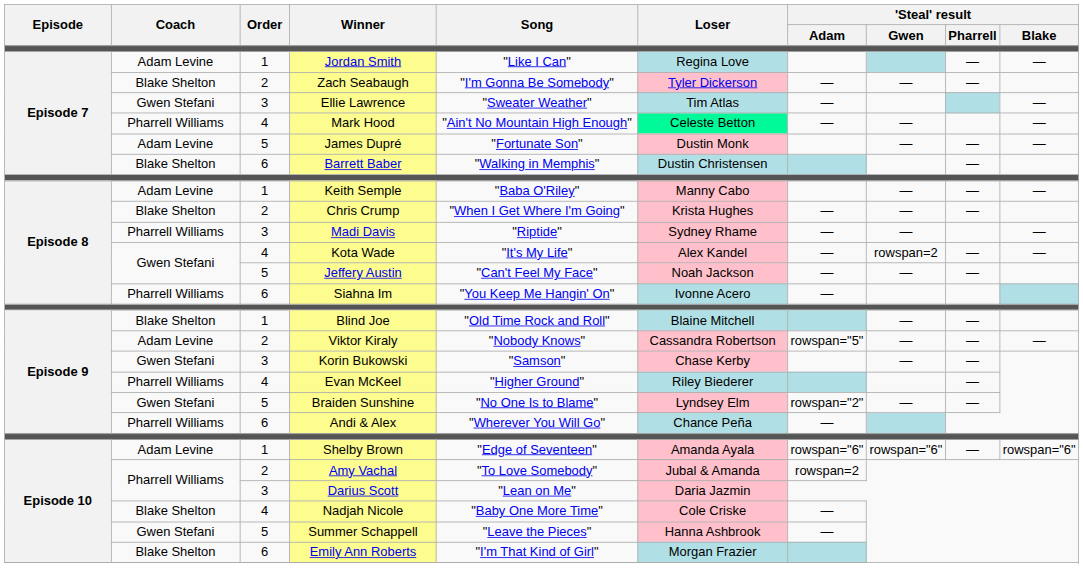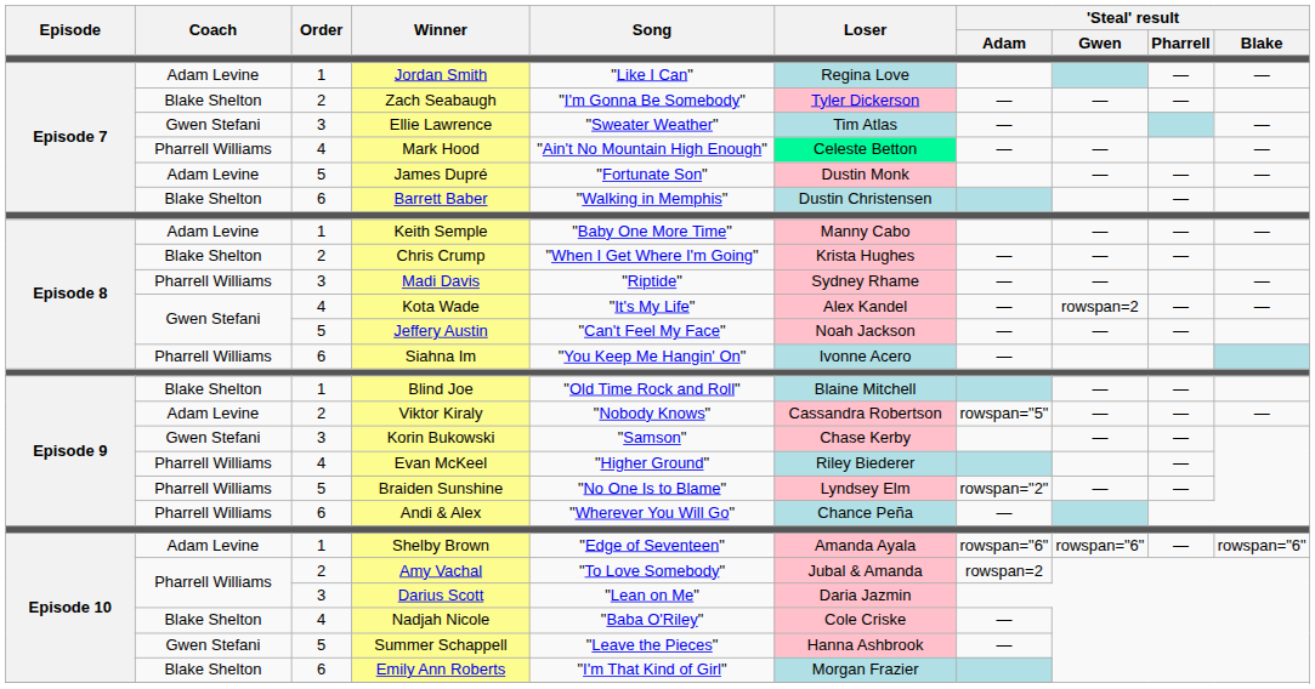 <table class="wikitable" style="text-align: center; width:105%;">
 <tr>
 <th rowspan="2" style="width:12%;">Episode</th>
 <th rowspan="2" style="width:15%;">Coach</th>
 <th rowspan="2" style="width:05%;">Order</th>
 <th rowspan="2" style="width:17%;">Winner</th>
 <th rowspan="2" style="width:24%;">Song</th>
 <th rowspan="2" style="width:17%;">Loser</th>
 <th colspan="4" style="width:20%;">'Steal' result</th>
 </tr>
 <tr>
 <th style="width:05%;">Adam</th>
 <th style="width:05%;">Gwen</th>
 <th style="width:05%;">Pharrell</th>
 <th style="width:05%;">Blake</th>
 </tr>
 <tr>
 <td colspan="10" style="background:#555;"></td>
 </tr>
 <tr>
 <th rowspan="6">Episode 7<br><small></small></th>
 <td>Adam Levine</td>
 <td>1</td>
 <td style="background:#fdfc8f;"><a href='#'>Jordan Smith</a></td>
 <td>"<a href='#'>Like I Can</a>"</td>
 <td style="background:#B0E0E6;">Regina Love</td>
 <td></td>
 <td style="background:#B0E0E6;"><strong></strong></td>
 <td>—</td>
 <td>—</td>
 </tr>
 <tr>
 <td>Blake Shelton</td>
 <td>2</td>
 <td style="background:#fdfc8f;">Zach Seabaugh</td>
 <td>"<a href='#'>I'm Gonna Be Somebody</a>"</td>
 <td style="background:pink;"><a href='#'>Tyler Dickerson</a></td>
 <td>—</td>
 <td>—</td>
 <td>—</td>
 <td></td>
 </tr>
 <tr>
 <td>Gwen Stefani</td>
 <td>3</td>
 <td style="background:#fdfc8f;">Ellie Lawrence</td>
 <td>"<a href='#'>Sweater Weather</a>"</td>
 <td style="background:#B0E0E6;">Tim Atlas</td>
 <td>—</td>
 <td></td>
 <td style="background:#B0E0E6;"><strong></strong></td>
 <td>—</td>
 </tr>
 <tr>
 <td>Pharrell Williams</td>
 <td>4</td>
 <td style="background:#fdfc8f;">Mark Hood</td>
 <td>"<a href='#'>Ain't No Mountain High Enough</a>"</td>
 <td style="background:#00fa9a;">Celeste Betton</td>
 <td>—</td>
 <td>—</td>
 <td></td>
 <td>—</td>
 </tr>
 <tr>
 <td>Adam Levine</td>
 <td>5</td>
 <td style="background:#fdfc8f;">James Dupré</td>
 <td>"<a href='#'>Fortunate Son</a>"</td>
 <td style="background:pink;">Dustin Monk</td>
 <td></td>
 <td>—</td>
 <td>—</td>
 <td>—</td>
 </tr>
 <tr>
 <td>Blake Shelton</td>
 <td>6</td>
 <td style="background:#fdfc8f;"><a href='#'>Barrett Baber</a></td>
 <td>"<a href='#'>Walking in Memphis</a>"</td>
 <td style="background:#B0E0E6;">Dustin Christensen</td>
 <td style="background:#B0E0E6;"><strong></strong></td>
 <td><strong></strong></td>
 <td>—</td>
 <td></td>
 </tr>
 <tr>
 <td colspan="10" style="background:#555;"></td>
 </tr>
 <tr>
 <th rowspan="6">Episode 8<br><small></small></th>
 <td>Adam Levine</td>
 <td>1</td>
 <td style="background:#fdfc8f;">Keith Semple</td>
-<td>"<a href='#'>Baba O'Riley</a>"</td>
+<td>"<a href='#'>Baby One More Time</a>"</td>
 <td style="background:pink;">Manny Cabo</td>
 <td></td>
 <td>—</td>
 <td>—</td>
 <td>—</td>
 </tr>
 <tr>
 <td>Blake Shelton</td>
 <td>2</td>
 <td style="background:#fdfc8f;">Chris Crump</td>
 <td>"<a href='#'>When I Get Where I'm Going</a>"</td>
 <td style="background:pink;">Krista Hughes</td>
 <td>—</td>
 <td>—</td>
 <td>—</td>
 <td></td>
 </tr>
 <tr>
 <td>Pharrell Williams</td>
 <td>3</td>
 <td style="background:#fdfc8f;"><a href='#'>Madi Davis</a></td>
 <td>"<a href='#'>Riptide</a>"</td>
 <td style="background:pink;">Sydney Rhame</td>
 <td>—</td>
 <td>—</td>
 <td></td>
 <td>—</td>
 </tr>
 <tr>
 <td rowspan="2">Gwen Stefani</td>
 <td>4</td>
 <td style="background:#fdfc8f;">Kota Wade</td>
 <td>"<a href='#'>It's My Life</a>"</td>
 <td style="background:pink;">Alex Kandel</td>
 <td>—</td>
 <td>rowspan=2 </td>
 <td>—</td>
 <td>—</td>
 </tr>
 <tr>
 <td>5</td>
 <td style="background:#fdfc8f;"><a href='#'>Jeffery Austin</a></td>
 <td>"<a href='#'>Can't Feel My Face</a>"</td>
 <td style="background:pink;">Noah Jackson</td>
 <td>—</td>
 <td>—</td>
 <td>—</td>
 </tr>
 <tr>
 <td>Pharrell Williams</td>
 <td>6</td>
 <td style="background:#fdfc8f;">Siahna Im</td>
 <td>"<a href='#'>You Keep Me Hangin' On</a>"</td>
 <td style="background:#B0E0E6;">Ivonne Acero</td>
 <td>—</td>
 <td><strong></strong></td>
 <td></td>
 <td style="background:#B0E0E6;"><strong></strong></td>
 </tr>
 <tr>
 <td colspan="10" style="background:#555;"></td>
 </tr>
 <tr>
 <th rowspan="6">Episode 9<br><small></small></th>
 <td>Blake Shelton</td>
 <td>1</td>
 <td style="background:#fdfc8f;">Blind Joe</td>
 <td>"<a href='#'>Old Time Rock and Roll</a>"</td>
 <td style="background:#B0E0E6;">Blaine Mitchell</td>
 <td style="background:#B0E0E6;"><strong></strong></td>
 <td>—</td>
 <td>—</td>
 <td></td>
 </tr>
 <tr>
 <td>Adam Levine</td>
 <td>2</td>
 <td style="background:#fdfc8f;">Viktor Kiraly</td>
 <td>"<a href='#'>Nobody Knows</a>"</td>
 <td style="background:pink;">Cassandra Robertson</td>
 <td>rowspan="5" </td>
 <td>—</td>
 <td>—</td>
 <td>—</td>
 </tr>
 <tr>
 <td>Gwen Stefani</td>
 <td>3</td>
 <td style= "background:#fdfc8f;">Korin Bukowski</td>
 <td>"<a href='#'>Samson</a>"</td>
 <td style= "background:pink;">Chase Kerby</td>
 <td></td>
 <td>—</td>
 <td>—</td>
 </tr>
 <tr>
 <td>Pharrell Williams</td>
 <td>4</td>
 <td style= "background:#fdfc8f;">Evan McKeel</td>
 <td>"<a href='#'>Higher Ground</a>"</td>
 <td style="background:#B0E0E6;">Riley Biederer</td>
 <td style="background:#B0E0E6;"><strong></strong></td>
 <td></td>
 <td>—</td>
 </tr>
 <tr>
-<td>Gwen Stefani</td>
+<td>Pharrell Williams</td>
 <td>5</td>
 <td style= "background:#fdfc8f;">Braiden Sunshine</td>
 <td>"<a href='#'>No One Is to Blame</a>"</td>
 <td style= "background:pink;">Lyndsey Elm</td>
 <td>rowspan="2" </td>
 <td>—</td>
 <td>—</td>
 </tr>
 <tr>
 <td>Pharrell Williams</td>
 <td>6</td>
 <td style= "background:#fdfc8f;">Andi & Alex</td>
 <td>"<a href='#'>Wherever You Will Go</a>"</td>
 <td style="background:#B0E0E6;">Chance Peña</td>
 <td>—</td>
 <td style="background:#B0E0E6;"><strong></strong></td>
 </tr>
 <tr>
 <td colspan="10" style="background:#555;"></td>
 </tr>
 <tr>
 <th rowspan="6">Episode 10<br><small></small></th>
 <td>Adam Levine</td>
 <td>1</td>
 <td style="background:#fdfc8f;">Shelby Brown</td>
 <td>"<a href='#'>Edge of Seventeen</a>"</td>
 <td style="background:pink;">Amanda Ayala</td>
 <td>rowspan="6" </td>
 <td>rowspan="6" </td>
 <td>—</td>
 <td>rowspan="6" </td>
 </tr>
 <tr>
 <td rowspan="2">Pharrell Williams</td>
 <td>2</td>
 <td style="background:#fdfc8f;"><a href='#'>Amy Vachal</a></td>
 <td>"<a href='#'>To Love Somebody</a>"</td>
 <td style="background:pink;">Jubal & Amanda</td>
 <td>rowspan=2 </td>
 </tr>
 <tr>
 <td>3</td>
 <td style="background:#fdfc8f;"><a href='#'>Darius Scott</a></td>
 <td>"<a href='#'>Lean on Me</a>"</td>
 <td style="background:pink;">Daria Jazmin</td>
 </tr>
 <tr>
 <td>Blake Shelton</td>
 <td>4</td>
 <td style="background:#fdfc8f;">Nadjah Nicole</td>
-<td>"<a href='#'>Baby One More Time</a>"</td>
+<td>"<a href='#'>Baba O'Riley</a>"</td>
 <td style="background:pink;">Cole Criske</td>
 <td>—</td>
 </tr>
 <tr>
 <td>Gwen Stefani</td>
 <td>5</td>
 <td style="background:#fdfc8f;">Summer Schappell</td>
 <td>"<a href='#'>Leave the Pieces</a>"</td>
 <td style="background:pink;">Hanna Ashbrook</td>
 <td>—</td>
 </tr>
 <tr>
 <td>Blake Shelton</td>
 <td>6</td>
 <td style="background:#fdfc8f;"><a href='#'>Emily Ann Roberts</a></td>
 <td>"<a href='#'>I'm That Kind of Girl</a>"</td>
 <td style="background:#B0E0E6;">Morgan Frazier</td>
 <td style="background:#B0E0E6;"><strong></strong></td>
 </tr>
 <tr>
 </tr>
 </table>
